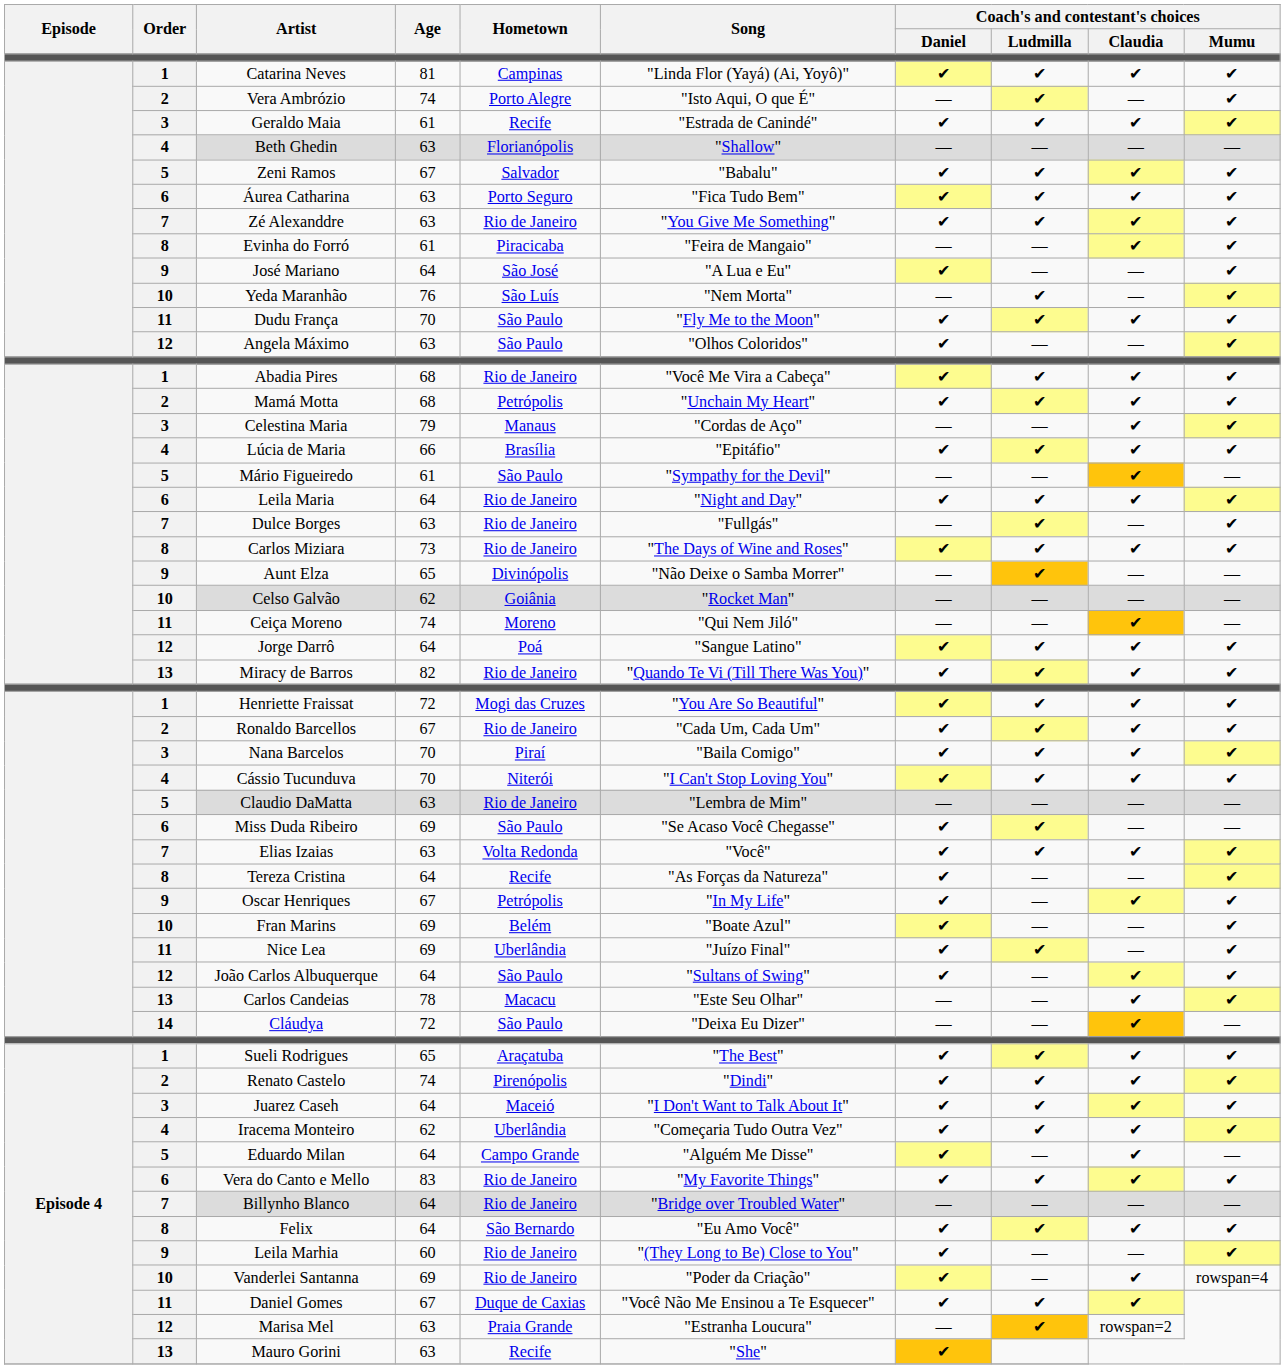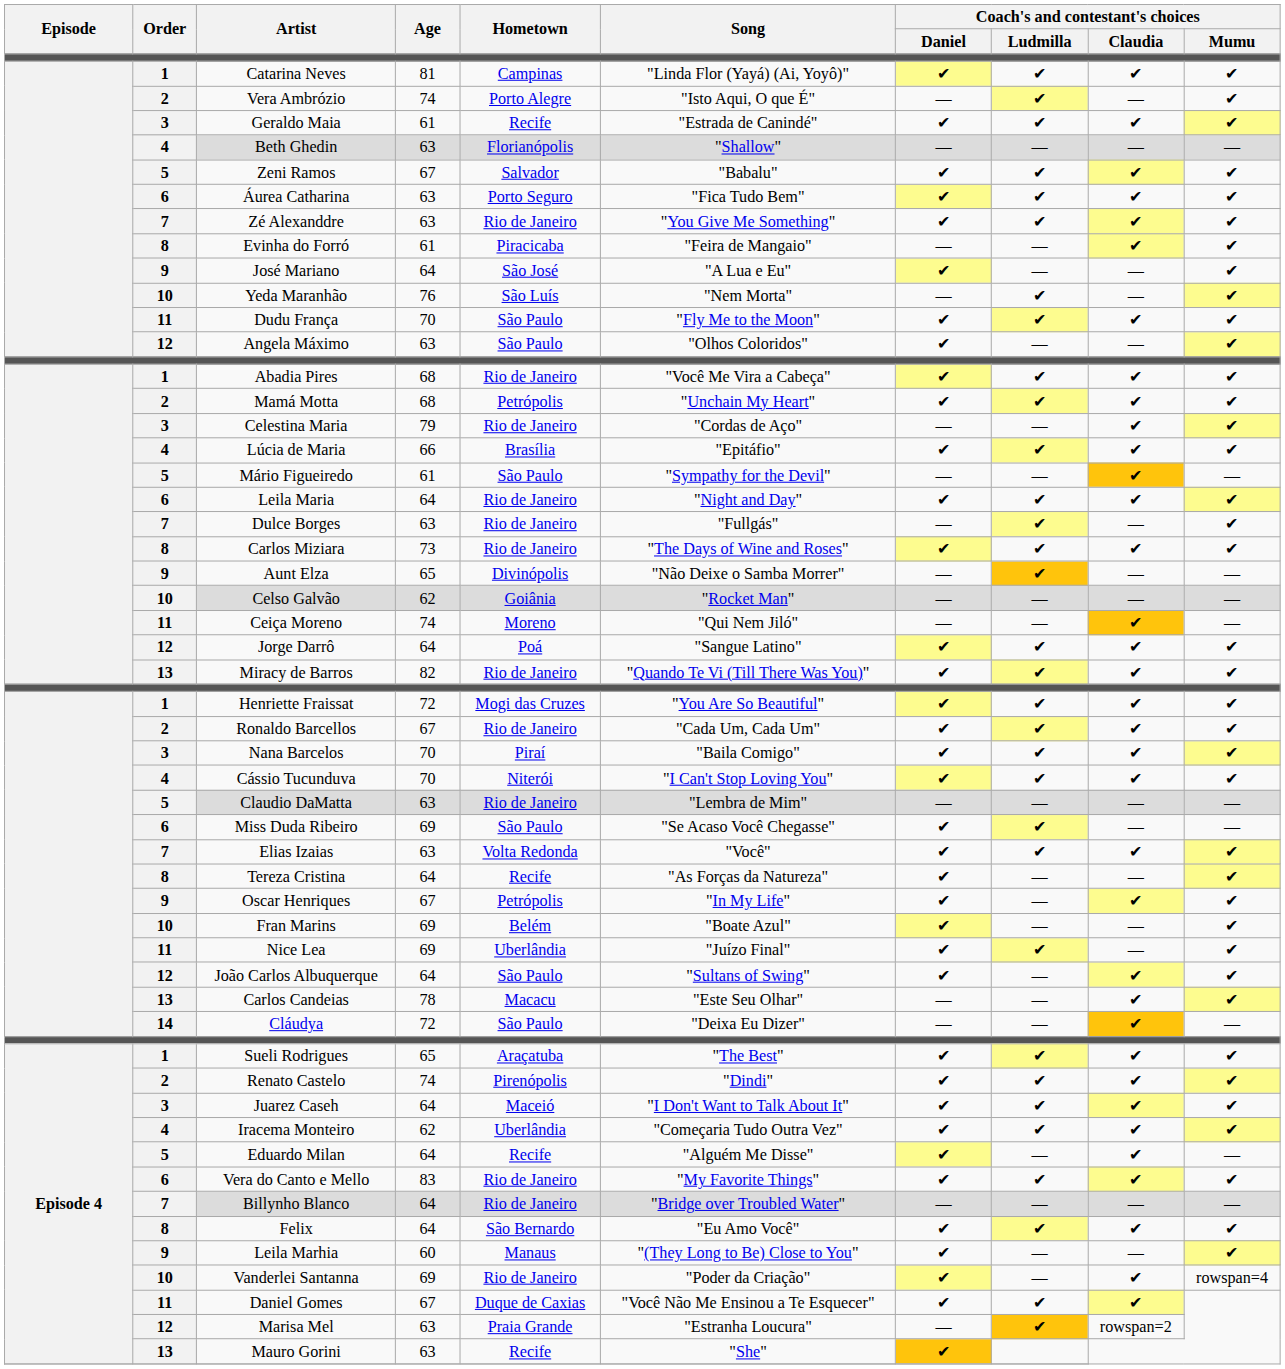 <table class="wikitable" style="text-align:center; line-height:17px; width:100%;">
 <tr>
 <th scope="col" rowspan=2 width="10.0%">Episode</th>
 <th scope="col" rowspan=2 width="05.0%">Order</th>
 <th scope="col" rowspan=2 width="15.5%">Artist</th>
 <th scope="col" rowspan=2 width="05.0%">Age</th>
 <th scope="col" rowspan=2 width="11.0%">Hometown</th>
 <th scope="col" rowspan=2 width="23.0%">Song</th>
 <th scope="col" colspan=4 width="30.0%">Coach's and contestant's choices</th>
 </tr>
 <tr>
 <th width="7.5%">Daniel</th>
 <th width="7.5%">Ludmilla</th>
 <th width="7.5%">Claudia</th>
 <th width="7.5%">Mumu</th>
 </tr>
 <tr>
 <td colspan=12 bgcolor=555555></td>
 </tr>
 <tr>
 <th scope="row" rowspan="12"></th>
 <th>1</th>
 <td>Catarina Neves</td>
 <td>81</td>
 <td><a href='#'>Campinas</a></td>
 <td>"Linda Flor (Yayá) (Ai, Yoyô)"</td>
 <td bgcolor=FDFC8F>✔</td>
 <td>✔</td>
 <td>✔</td>
 <td>✔</td>
 </tr>
 <tr>
 <th>2</th>
 <td>Vera Ambrózio</td>
 <td>74</td>
 <td><a href='#'>Porto Alegre</a></td>
 <td>"Isto Aqui, O que É"</td>
 <td>—</td>
 <td bgcolor=FDFC8F>✔</td>
 <td>—</td>
 <td>✔</td>
 </tr>
 <tr>
 <th>3</th>
 <td>Geraldo Maia</td>
 <td>61</td>
 <td><a href='#'>Recife</a></td>
 <td>"Estrada de Canindé"</td>
 <td>✔</td>
 <td>✔</td>
 <td>✔</td>
 <td bgcolor=FDFC8F>✔</td>
 </tr>
 <tr bgcolor=DCDCDC>
 <th>4</th>
 <td>Beth Ghedin</td>
 <td>63</td>
 <td><a href='#'>Florianópolis</a></td>
 <td>"<a href='#'>Shallow</a>"</td>
 <td>—</td>
 <td>—</td>
 <td>—</td>
 <td>—</td>
 </tr>
 <tr>
 <th>5</th>
 <td>Zeni Ramos</td>
 <td>67</td>
 <td><a href='#'>Salvador</a></td>
 <td>"Babalu"</td>
 <td>✔</td>
 <td>✔</td>
 <td bgcolor=FDFC8F>✔</td>
 <td>✔</td>
 </tr>
 <tr>
 <th>6</th>
 <td>Áurea Catharina</td>
 <td>63</td>
 <td><a href='#'>Porto Seguro</a></td>
 <td>"Fica Tudo Bem"</td>
 <td bgcolor=FDFC8F>✔</td>
 <td>✔</td>
 <td>✔</td>
 <td>✔</td>
 </tr>
 <tr>
 <th>7</th>
 <td>Zé Alexanddre</td>
 <td>63</td>
 <td><a href='#'>Rio de Janeiro</a></td>
 <td>"<a href='#'>You Give Me Something</a>"</td>
 <td>✔</td>
 <td>✔</td>
 <td bgcolor=FDFC8F>✔</td>
 <td>✔</td>
 </tr>
 <tr>
 <th>8</th>
 <td>Evinha do Forró</td>
 <td>61</td>
 <td><a href='#'>Piracicaba</a></td>
 <td>"Feira de Mangaio"</td>
 <td>—</td>
 <td>—</td>
 <td bgcolor=FDFC8F>✔</td>
 <td>✔</td>
 </tr>
 <tr>
 <th>9</th>
 <td>José Mariano</td>
 <td>64</td>
 <td><a href='#'>São José</a></td>
 <td>"A Lua e Eu"</td>
 <td bgcolor=FDFC8F>✔</td>
 <td>—</td>
 <td>—</td>
 <td>✔</td>
 </tr>
 <tr>
 <th>10</th>
 <td>Yeda Maranhão</td>
 <td>76</td>
 <td><a href='#'>São Luís</a></td>
 <td>"Nem Morta"</td>
 <td>—</td>
 <td>✔</td>
 <td>—</td>
 <td bgcolor=FDFC8F>✔</td>
 </tr>
 <tr>
 <th>11</th>
 <td>Dudu França</td>
 <td>70</td>
 <td><a href='#'>São Paulo</a></td>
 <td>"<a href='#'>Fly Me to the Moon</a>"</td>
 <td>✔</td>
 <td bgcolor=FDFC8F>✔</td>
 <td>✔</td>
 <td>✔</td>
 </tr>
 <tr>
 <th>12</th>
 <td>Angela Máximo</td>
 <td>63</td>
 <td><a href='#'>São Paulo</a></td>
 <td>"Olhos Coloridos"</td>
 <td>✔</td>
 <td>—</td>
 <td>—</td>
 <td bgcolor=FDFC8F>✔</td>
 </tr>
 <tr>
 <td colspan=12 bgcolor=555555></td>
 </tr>
 <tr>
 <th scope="row" rowspan="13"></th>
 <th>1</th>
 <td>Abadia Pires</td>
 <td>68</td>
 <td><a href='#'>Rio de Janeiro</a></td>
 <td>"Você Me Vira a Cabeça"</td>
 <td bgcolor=FDFC8F>✔</td>
 <td>✔</td>
 <td>✔</td>
 <td>✔</td>
 </tr>
 <tr>
 <th>2</th>
 <td>Mamá Motta</td>
 <td>68</td>
 <td><a href='#'>Petrópolis</a></td>
 <td>"<a href='#'>Unchain My Heart</a>"</td>
 <td>✔</td>
 <td bgcolor=FDFC8F>✔</td>
 <td>✔</td>
 <td>✔</td>
 </tr>
 <tr>
 <th>3</th>
 <td>Celestina Maria</td>
 <td>79</td>
-<td><a href='#'>Manaus</a></td>
+<td><a href='#'>Rio de Janeiro</a></td>
 <td>"Cordas de Aço"</td>
 <td>—</td>
 <td>—</td>
 <td>✔</td>
 <td bgcolor=FDFC8F>✔</td>
 </tr>
 <tr>
 <th>4</th>
 <td>Lúcia de Maria</td>
 <td>66</td>
 <td><a href='#'>Brasília</a></td>
 <td>"Epitáfio"</td>
 <td>✔</td>
 <td bgcolor=FDFC8F>✔</td>
 <td>✔</td>
 <td>✔</td>
 </tr>
 <tr>
 <th>5</th>
 <td>Mário Figueiredo</td>
 <td>61</td>
 <td><a href='#'>São Paulo</a></td>
 <td>"<a href='#'>Sympathy for the Devil</a>"</td>
 <td>—</td>
 <td>—</td>
 <td bgcolor=FFC40C>✔</td>
 <td>—</td>
 </tr>
 <tr>
 <th>6</th>
 <td>Leila Maria</td>
 <td>64</td>
 <td><a href='#'>Rio de Janeiro</a></td>
 <td>"<a href='#'>Night and Day</a>"</td>
 <td>✔</td>
 <td>✔</td>
 <td>✔</td>
 <td bgcolor=FDFC8F>✔</td>
 </tr>
 <tr>
 <th>7</th>
 <td>Dulce Borges</td>
 <td>63</td>
 <td><a href='#'>Rio de Janeiro</a></td>
 <td>"Fullgás"</td>
 <td>—</td>
 <td bgcolor=FDFC8F>✔</td>
 <td>—</td>
 <td>✔</td>
 </tr>
 <tr>
 <th>8</th>
 <td>Carlos Miziara</td>
 <td>73</td>
 <td><a href='#'>Rio de Janeiro</a></td>
 <td>"<a href='#'>The Days of Wine and Roses</a>"</td>
 <td bgcolor=FDFC8F>✔</td>
 <td>✔</td>
 <td>✔</td>
 <td>✔</td>
 </tr>
 <tr>
 <th>9</th>
 <td>Aunt Elza</td>
 <td>65</td>
 <td><a href='#'>Divinópolis</a></td>
 <td>"Não Deixe o Samba Morrer"</td>
 <td>—</td>
 <td bgcolor=FFC40C>✔</td>
 <td>—</td>
 <td>—</td>
 </tr>
 <tr bgcolor=DCDCDC>
 <th>10</th>
 <td>Celso Galvão</td>
 <td>62</td>
 <td><a href='#'>Goiânia</a></td>
 <td>"<a href='#'>Rocket Man</a>"</td>
 <td>—</td>
 <td>—</td>
 <td>—</td>
 <td>—</td>
 </tr>
 <tr>
 <th>11</th>
 <td>Ceiça Moreno</td>
 <td>74</td>
 <td><a href='#'>Moreno</a></td>
 <td>"Qui Nem Jiló"</td>
 <td>—</td>
 <td>—</td>
 <td bgcolor=FFC40C>✔</td>
 <td>—</td>
 </tr>
 <tr>
 <th>12</th>
 <td>Jorge Darrô</td>
 <td>64</td>
 <td><a href='#'>Poá</a></td>
 <td>"Sangue Latino"</td>
 <td bgcolor=FDFC8F>✔</td>
 <td>✔</td>
 <td>✔</td>
 <td>✔</td>
 </tr>
 <tr>
 <th>13</th>
 <td>Miracy de Barros</td>
 <td>82</td>
 <td><a href='#'>Rio de Janeiro</a></td>
 <td>"<a href='#'>Quando Te Vi (Till There Was You)</a>"</td>
 <td>✔</td>
 <td bgcolor=FDFC8F>✔</td>
 <td>✔</td>
 <td>✔</td>
 </tr>
 <tr>
 <td colspan=12 bgcolor=555555></td>
 </tr>
 <tr>
 <th scope="row" rowspan="14"></th>
 <th>1</th>
 <td>Henriette Fraissat</td>
 <td>72</td>
 <td><a href='#'>Mogi das Cruzes</a></td>
 <td>"<a href='#'>You Are So Beautiful</a>"</td>
 <td bgcolor=FDFC8F>✔</td>
 <td>✔</td>
 <td>✔</td>
 <td>✔</td>
 </tr>
 <tr>
 <th>2</th>
 <td>Ronaldo Barcellos</td>
 <td>67</td>
 <td><a href='#'>Rio de Janeiro</a></td>
 <td>"Cada Um, Cada Um"</td>
 <td>✔</td>
 <td bgcolor=FDFC8F>✔</td>
 <td>✔</td>
 <td>✔</td>
 </tr>
 <tr>
 <th>3</th>
 <td>Nana Barcelos</td>
 <td>70</td>
 <td><a href='#'>Piraí</a></td>
 <td>"Baila Comigo"</td>
 <td>✔</td>
 <td>✔</td>
 <td>✔</td>
 <td bgcolor=FDFC8F>✔</td>
 </tr>
 <tr>
 <th>4</th>
 <td>Cássio Tucunduva</td>
 <td>70</td>
 <td><a href='#'>Niterói</a></td>
 <td>"<a href='#'>I Can't Stop Loving You</a>"</td>
 <td bgcolor=FDFC8F>✔</td>
 <td>✔</td>
 <td>✔</td>
 <td>✔</td>
 </tr>
 <tr bgcolor=DCDCDC>
 <th>5</th>
 <td>Claudio DaMatta</td>
 <td>63</td>
 <td><a href='#'>Rio de Janeiro</a></td>
 <td>"Lembra de Mim"</td>
 <td>—</td>
 <td>—</td>
 <td>—</td>
 <td>—</td>
 </tr>
 <tr>
 <th>6</th>
 <td>Miss Duda Ribeiro</td>
 <td>69</td>
 <td><a href='#'>São Paulo</a></td>
 <td>"Se Acaso Você Chegasse"</td>
 <td>✔</td>
 <td bgcolor=FDFC8F>✔</td>
 <td>—</td>
 <td>—</td>
 </tr>
 <tr>
 <th>7</th>
 <td>Elias Izaias</td>
 <td>63</td>
 <td><a href='#'>Volta Redonda</a></td>
 <td>"Você"</td>
 <td>✔</td>
 <td>✔</td>
 <td>✔</td>
 <td bgcolor=FDFC8F>✔</td>
 </tr>
 <tr>
 <th>8</th>
 <td>Tereza Cristina</td>
 <td>64</td>
 <td><a href='#'>Recife</a></td>
 <td>"As Forças da Natureza"</td>
 <td>✔</td>
 <td>—</td>
 <td>—</td>
 <td bgcolor=FDFC8F>✔</td>
 </tr>
 <tr>
 <th>9</th>
 <td>Oscar Henriques</td>
 <td>67</td>
 <td><a href='#'>Petrópolis</a></td>
 <td>"<a href='#'>In My Life</a>"</td>
 <td>✔</td>
 <td>—</td>
 <td bgcolor=FDFC8F>✔</td>
 <td>✔</td>
 </tr>
 <tr>
 <th>10</th>
 <td>Fran Marins</td>
 <td>69</td>
 <td><a href='#'>Belém</a></td>
 <td>"Boate Azul"</td>
 <td bgcolor=FDFC8F>✔</td>
 <td>—</td>
 <td>—</td>
 <td>✔</td>
 </tr>
 <tr>
 <th>11</th>
 <td>Nice Lea</td>
 <td>69</td>
 <td><a href='#'>Uberlândia</a></td>
 <td>"Juízo Final"</td>
 <td>✔</td>
 <td bgcolor=FDFC8F>✔</td>
 <td>—</td>
 <td>✔</td>
 </tr>
 <tr>
 <th>12</th>
 <td>João Carlos Albuquerque</td>
 <td>64</td>
 <td><a href='#'>São Paulo</a></td>
 <td>"<a href='#'>Sultans of Swing</a>"</td>
 <td>✔</td>
 <td>—</td>
 <td bgcolor=FDFC8F>✔</td>
 <td>✔</td>
 </tr>
 <tr>
 <th>13</th>
 <td>Carlos Candeias</td>
 <td>78</td>
 <td><a href='#'>Macacu</a></td>
 <td>"Este Seu Olhar"</td>
 <td>—</td>
 <td>—</td>
 <td>✔</td>
 <td bgcolor=FDFC8F>✔</td>
 </tr>
 <tr>
 <th>14</th>
 <td><a href='#'>Cláudya</a></td>
 <td>72</td>
 <td><a href='#'>São Paulo</a></td>
 <td>"Deixa Eu Dizer"</td>
 <td>—</td>
 <td>—</td>
 <td bgcolor=FFC40C>✔</td>
 <td>—</td>
 </tr>
 <tr>
 <td colspan=12 bgcolor=555555></td>
 </tr>
 <tr>
 <th scope="row" rowspan="13">Episode 4<br></th>
 <th>1</th>
 <td>Sueli Rodrigues</td>
 <td>65</td>
 <td><a href='#'>Araçatuba</a></td>
 <td>"<a href='#'>The Best</a>"</td>
 <td>✔</td>
 <td bgcolor=FDFC8F>✔</td>
 <td>✔</td>
 <td>✔</td>
 </tr>
 <tr>
 <th>2</th>
 <td>Renato Castelo</td>
 <td>74</td>
 <td><a href='#'>Pirenópolis</a></td>
 <td>"<a href='#'>Dindi</a>"</td>
 <td>✔</td>
 <td>✔</td>
 <td>✔</td>
 <td bgcolor=FDFC8F>✔</td>
 </tr>
 <tr>
 <th>3</th>
 <td>Juarez Caseh</td>
 <td>64</td>
 <td><a href='#'>Maceió</a></td>
 <td>"<a href='#'>I Don't Want to Talk About It</a>"</td>
 <td>✔</td>
 <td>✔</td>
 <td bgcolor=FDFC8F>✔</td>
 <td>✔</td>
 </tr>
 <tr>
 <th>4</th>
 <td>Iracema Monteiro</td>
 <td>62</td>
 <td><a href='#'>Uberlândia</a></td>
 <td>"Começaria Tudo Outra Vez"</td>
 <td>✔</td>
 <td>✔</td>
 <td>✔</td>
 <td bgcolor=FDFC8F>✔</td>
 </tr>
 <tr>
 <th>5</th>
 <td>Eduardo Milan</td>
 <td>64</td>
-<td><a href='#'>Campo Grande</a></td>
+<td><a href='#'>Recife</a></td>
 <td>"Alguém Me Disse"</td>
 <td bgcolor=FDFC8F>✔</td>
 <td>—</td>
 <td>✔</td>
 <td>—</td>
 </tr>
 <tr>
 <th>6</th>
 <td>Vera do Canto e Mello</td>
 <td>83</td>
 <td><a href='#'>Rio de Janeiro</a></td>
 <td>"<a href='#'>My Favorite Things</a>"</td>
 <td>✔</td>
 <td>✔</td>
 <td bgcolor=FDFC8F>✔</td>
 <td>✔</td>
 </tr>
 <tr bgcolor=DCDCDC>
 <th>7</th>
 <td>Billynho Blanco</td>
 <td>64</td>
 <td><a href='#'>Rio de Janeiro</a></td>
 <td>"<a href='#'>Bridge over Troubled Water</a>"</td>
 <td>—</td>
 <td>—</td>
 <td>—</td>
 <td>—</td>
 </tr>
 <tr>
 <th>8</th>
 <td>Felix</td>
 <td>64</td>
 <td><a href='#'>São Bernardo</a></td>
 <td>"Eu Amo Você"</td>
 <td>✔</td>
 <td bgcolor=FDFC8F>✔</td>
 <td>✔</td>
 <td>✔</td>
 </tr>
 <tr>
 <th>9</th>
 <td>Leila Marhia</td>
 <td>60</td>
-<td><a href='#'>Rio de Janeiro</a></td>
+<td><a href='#'>Manaus</a></td>
 <td>"<a href='#'>(They Long to Be) Close to You</a>"</td>
 <td>✔</td>
 <td>—</td>
 <td>—</td>
 <td bgcolor=FDFC8F>✔</td>
 </tr>
 <tr>
 <th>10</th>
 <td>Vanderlei Santanna</td>
 <td>69</td>
 <td><a href='#'>Rio de Janeiro</a></td>
 <td>"Poder da Criação"</td>
 <td bgcolor=FDFC8F>✔</td>
 <td>—</td>
 <td>✔</td>
 <td>rowspan=4  </td>
 </tr>
 <tr>
 <th>11</th>
 <td>Daniel Gomes</td>
 <td>67</td>
 <td><a href='#'>Duque de Caxias</a></td>
 <td>"Você Não Me Ensinou a Te Esquecer"</td>
 <td>✔</td>
 <td>✔</td>
 <td bgcolor=FDFC8F>✔</td>
 </tr>
 <tr>
 <th>12</th>
 <td>Marisa Mel</td>
 <td>63</td>
 <td><a href='#'>Praia Grande</a></td>
 <td>"Estranha Loucura"</td>
 <td>—</td>
 <td bgcolor=FFC40C>✔</td>
 <td>rowspan=2  </td>
 </tr>
 <tr>
 <th>13</th>
 <td>Mauro Gorini</td>
 <td>63</td>
 <td><a href='#'>Recife</a></td>
 <td>"<a href='#'>She</a>"</td>
 <td bgcolor=FFC40C>✔</td>
 <td></td>
 </tr>
 <tr>
 </tr>
 </table>
